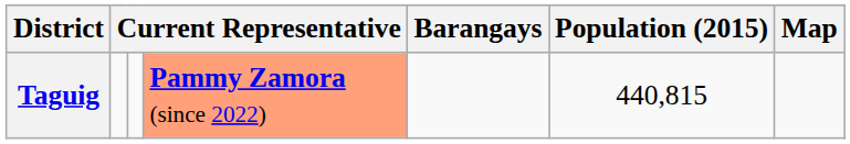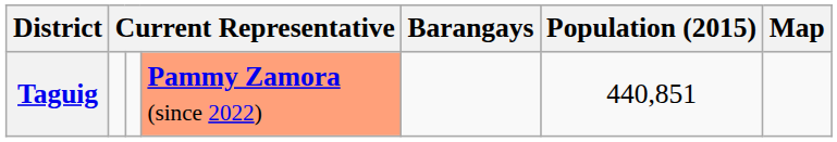 <table class="wikitable sortable" style="margin: 1em auto; font-size:100%; line-height:20px; text-align:center">
 <tr>
 <th>District</th>
 <th colspan="3">Current Representative</th>
 <th>Barangays</th>
 <th>Population (2015)</th>
 <th>Map</th>
 </tr>
 <tr>
 <th><a href='#'>Taguig </a></th>
 <td style="background:"></td>
 <td></td>
 <td style="background: lightsalmon; text-align:left;"><strong><a href='#'>Pammy Zamora</a></strong><br><small>(since <a href='#'>2022</a>)</small></td>
 <td></td>
-<td>440,815</td>
+<td>440,851</td>
 <td></td>
 </tr>
 </table>
